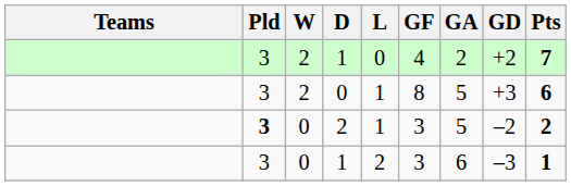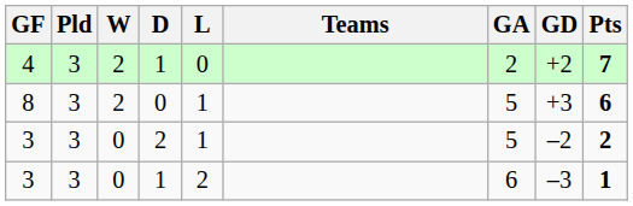 <table class="wikitable" style="text-align: center;">
 <tr>
-<th width=165>Teams</th>
+<th width=20>GF</th>
 <th width=20>Pld</th>
 <th width=20>W</th>
 <th width=20>D</th>
 <th width=20>L</th>
-<th width=20>GF</th>
+<th width=165>Teams</th>
 <th width=20>GA</th>
 <th width=20>GD</th>
 <th width=20>Pts</th>
 </tr>
 <tr align=center style="background:#ccffcc;">
-<td style="text-align:left;"></td>
+<td>4</td>
 <td>3</td>
 <td>2</td>
 <td>1</td>
 <td>0</td>
-<td>4</td>
+<td style="text-align:left;"></td>
 <td>2</td>
 <td>+2</td>
 <td><strong>7</strong></td>
 </tr>
 <tr align=center>
-<td style="text-align:left;"></td>
+<td>8</td>
 <td>3</td>
 <td>2</td>
 <td>0</td>
 <td>1</td>
-<td>8</td>
+<td style="text-align:left;"></td>
 <td>5</td>
 <td>+3</td>
 <td><strong>6</strong></td>
 </tr>
 <tr align=center>
-<td style="text-align:left;"></td>
-<td><strong>3</strong></td>
+<td>3</td>
+<td>3</td>
 <td>0</td>
 <td>2</td>
 <td>1</td>
-<td>3</td>
+<td style="text-align:left;"></td>
 <td>5</td>
 <td>–2</td>
 <td><strong>2</strong></td>
 </tr>
 <tr align=center>
-<td style="text-align:left;"></td>
+<td>3</td>
 <td>3</td>
 <td>0</td>
 <td>1</td>
 <td>2</td>
-<td>3</td>
+<td style="text-align:left;"></td>
 <td>6</td>
 <td>–3</td>
 <td><strong>1</strong></td>
 </tr>
 </table>
